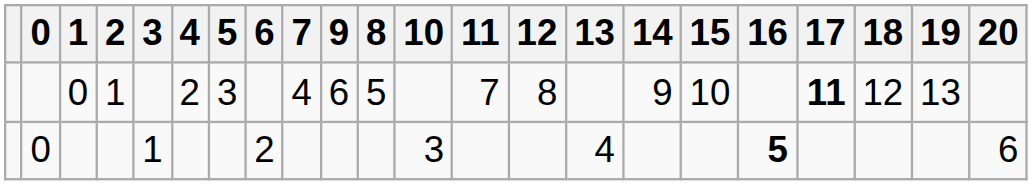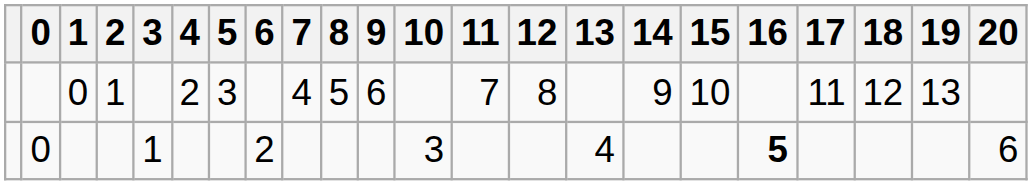 <table class="wikitable" align="center">
 <tr>
 <th></th>
 <th>0</th>
 <th>1</th>
 <th>2</th>
 <th>3</th>
 <th>4</th>
 <th>5</th>
 <th>6</th>
 <th>7</th>
+<th>8</th>
 <th>9</th>
-<th>8</th>
 <th>10</th>
 <th>11</th>
 <th>12</th>
 <th>13</th>
 <th>14</th>
 <th>15</th>
 <th>16</th>
 <th>17</th>
 <th>18</th>
 <th>19</th>
 <th>20</th>
 </tr>
 <tr>
 <td align="right"></td>
 <td align="right"></td>
 <td align="right">0</td>
 <td align="right">1</td>
 <td align="right"></td>
 <td align="right">2</td>
 <td align="right">3</td>
 <td align="right"></td>
 <td align="right">4</td>
+<td align="right">5</td>
 <td align="right">6</td>
-<td align="right">5</td>
 <td align="right"></td>
 <td align="right">7</td>
 <td align="right">8</td>
 <td align="right"></td>
 <td align="right">9</td>
 <td align="right">10</td>
 <td align="right"></td>
-<td align="right"><strong>11</strong></td>
+<td align="right">11</td>
 <td align="right">12</td>
 <td align="right">13</td>
 <td align="right"></td>
 </tr>
 <tr>
 <td align="right"></td>
 <td align="right">0</td>
 <td align="right"></td>
 <td align="right"></td>
 <td align="right">1</td>
 <td align="right"></td>
 <td align="right"></td>
 <td align="right">2</td>
 <td align="right"></td>
 <td align="right"></td>
 <td align="right"></td>
 <td align="right">3</td>
 <td align="right"></td>
 <td align="right"></td>
 <td align="right">4</td>
 <td align="right"></td>
 <td align="right"></td>
 <td align="right"><strong>5</strong></td>
 <td align="right"></td>
 <td align="right"></td>
 <td align="right"></td>
 <td align="right">6</td>
 </tr>
 </table>
